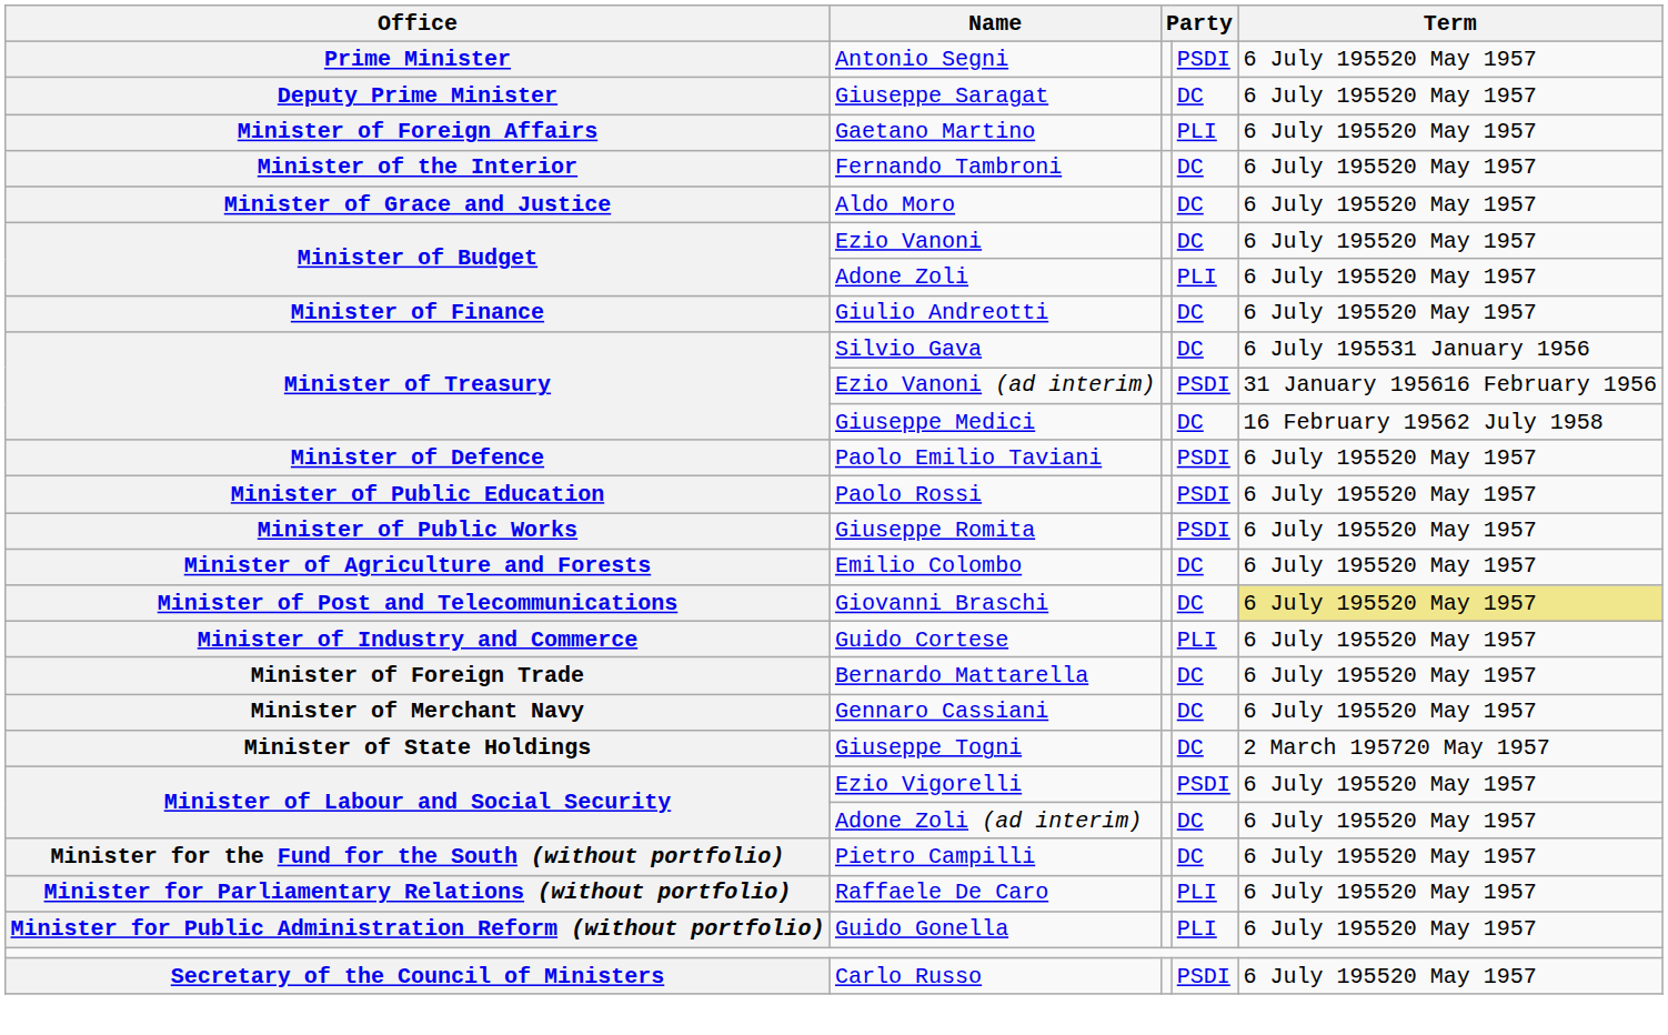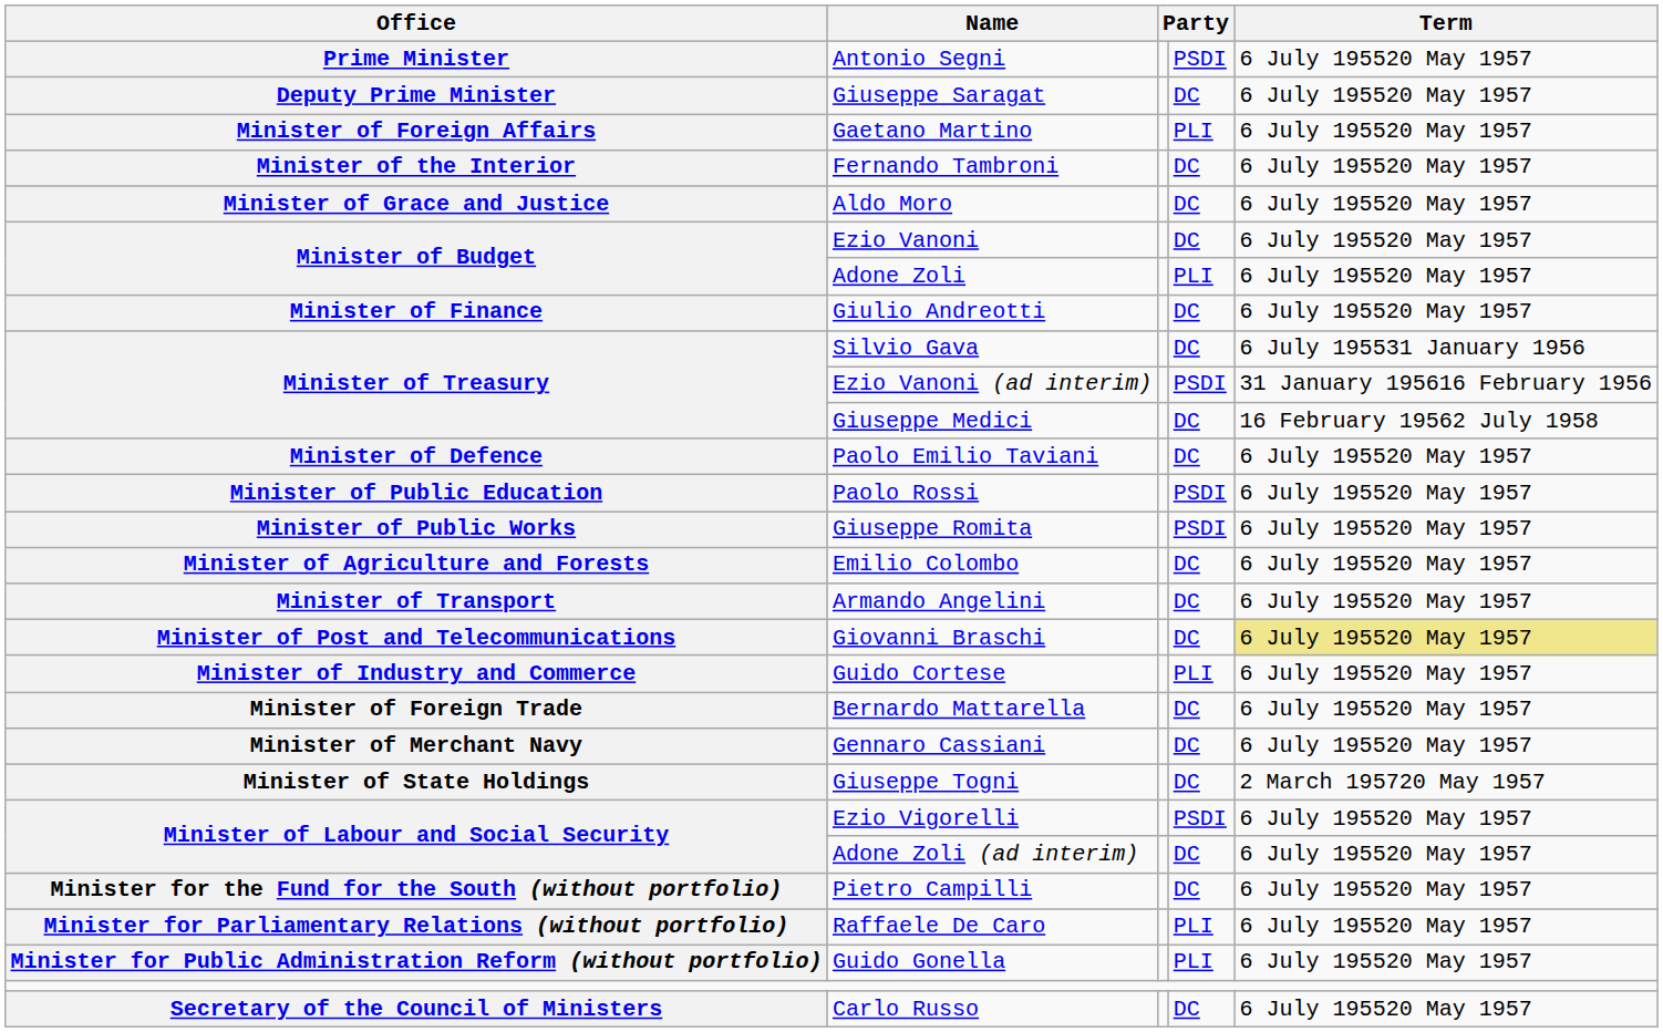 <table class="wikitable">
 <tr>
 <th>Office</th>
 <th>Name</th>
 <th colspan=2>Party</th>
 <th>Term</th>
 </tr>
 <tr>
 <th><a href='#'>Prime Minister</a></th>
 <td><a href='#'>Antonio Segni</a></td>
 <td></td>
 <td><a href='#'>PSDI</a></td>
 <td>6 July 195520 May 1957</td>
 </tr>
 <tr>
 <th><a href='#'>Deputy Prime Minister</a></th>
 <td><a href='#'>Giuseppe Saragat</a></td>
 <td></td>
 <td><a href='#'>DC</a></td>
 <td>6 July 195520 May 1957</td>
 </tr>
 <tr>
 <th><a href='#'>Minister of Foreign Affairs</a></th>
 <td><a href='#'>Gaetano Martino</a></td>
 <td style="color:inherit;background:"></td>
 <td><a href='#'>PLI</a></td>
 <td>6 July 195520 May 1957</td>
 </tr>
 <tr>
 <th><a href='#'>Minister of the Interior</a></th>
 <td><a href='#'>Fernando Tambroni</a></td>
 <td style="color:inherit;background:"></td>
 <td><a href='#'>DC</a></td>
 <td>6 July 195520 May 1957</td>
 </tr>
 <tr>
 <th><a href='#'>Minister of Grace and Justice</a></th>
 <td><a href='#'>Aldo Moro</a></td>
 <td style="color:inherit;background:"></td>
 <td><a href='#'>DC</a></td>
 <td>6 July 195520 May 1957</td>
 </tr>
 <tr>
 <th rowspan=2><a href='#'>Minister of Budget</a></th>
 <td><a href='#'>Ezio Vanoni</a></td>
 <td></td>
 <td><a href='#'>DC</a></td>
 <td>6 July 195520 May 1957</td>
 </tr>
 <tr>
 <td><a href='#'>Adone Zoli</a></td>
 <td></td>
 <td><a href='#'>PLI</a></td>
 <td>6 July 195520 May 1957</td>
 </tr>
 <tr>
 <th><a href='#'>Minister of Finance</a></th>
 <td><a href='#'>Giulio Andreotti</a></td>
 <td style="color:inherit;background:"></td>
 <td><a href='#'>DC</a></td>
 <td>6 July 195520 May 1957</td>
 </tr>
 <tr>
 <th rowspan=3><a href='#'>Minister of Treasury</a></th>
 <td><a href='#'>Silvio Gava</a></td>
 <td></td>
 <td><a href='#'>DC</a></td>
 <td>6 July 195531 January 1956</td>
 </tr>
 <tr>
 <td><a href='#'>Ezio Vanoni</a> <em>(ad interim)</em></td>
 <td style="color:inherit;background:"></td>
 <td><a href='#'>PSDI</a></td>
 <td>31 January 195616 February 1956</td>
 </tr>
 <tr>
 <td><a href='#'>Giuseppe Medici</a></td>
 <td style="color:inherit;background:"></td>
 <td><a href='#'>DC</a></td>
 <td>16 February 19562 July 1958</td>
 </tr>
 <tr>
 <th><a href='#'>Minister of Defence</a></th>
 <td><a href='#'>Paolo Emilio Taviani</a></td>
 <td style="color:inherit;background:"></td>
-<td><a href='#'>PSDI</a></td>
+<td><a href='#'>DC</a></td>
 <td>6 July 195520 May 1957</td>
 </tr>
 <tr>
 <th><a href='#'>Minister of Public Education</a></th>
 <td><a href='#'>Paolo Rossi</a></td>
 <td style="color:inherit;background:"></td>
 <td><a href='#'>PSDI</a></td>
 <td>6 July 195520 May 1957</td>
 </tr>
 <tr>
 <th><a href='#'>Minister of Public Works</a></th>
 <td><a href='#'>Giuseppe Romita</a></td>
 <td style="color:inherit;background:"></td>
 <td><a href='#'>PSDI</a></td>
 <td>6 July 195520 May 1957</td>
 </tr>
 <tr>
 <th><a href='#'>Minister of Agriculture and Forests</a></th>
 <td><a href='#'>Emilio Colombo</a></td>
+<td style="color:inherit;background:"></td>
+<td><a href='#'>DC</a></td>
+<td>6 July 195520 May 1957</td>
+</tr>
+<tr>
+<th><a href='#'>Minister of Transport</a></th>
+<td><a href='#'>Armando Angelini</a></td>
 <td style="color:inherit;background:"></td>
 <td><a href='#'>DC</a></td>
 <td>6 July 195520 May 1957</td>
 </tr>
 <tr>
 <th><a href='#'>Minister of Post and Telecommunications</a></th>
 <td><a href='#'>Giovanni Braschi</a></td>
 <td style="color:inherit;background:"></td>
 <td><a href='#'>DC</a></td>
 <td style="background: khaki;">6 July 195520 May 1957</td>
 </tr>
 <tr>
 <th><a href='#'>Minister of Industry and Commerce</a></th>
 <td><a href='#'>Guido Cortese</a></td>
 <td style="color:inherit;background:"></td>
 <td><a href='#'>PLI</a></td>
 <td>6 July 195520 May 1957</td>
 </tr>
 <tr>
 <th>Minister of Foreign Trade</th>
 <td><a href='#'>Bernardo Mattarella</a></td>
 <td></td>
 <td><a href='#'>DC</a></td>
 <td>6 July 195520 May 1957</td>
 </tr>
 <tr>
 <th>Minister of Merchant Navy</th>
 <td><a href='#'>Gennaro Cassiani</a></td>
 <td></td>
 <td><a href='#'>DC</a></td>
 <td>6 July 195520 May 1957</td>
 </tr>
 <tr>
 <th>Minister of State Holdings</th>
 <td><a href='#'>Giuseppe Togni</a></td>
 <td style="color:inherit;background:"></td>
 <td><a href='#'>DC</a></td>
 <td>2 March 195720 May 1957</td>
 </tr>
 <tr>
 <th rowspan=2><a href='#'>Minister of Labour and Social Security</a></th>
 <td><a href='#'>Ezio Vigorelli</a></td>
 <td style="color:inherit;background:"></td>
 <td><a href='#'>PSDI</a></td>
 <td>6 July 195520 May 1957</td>
 </tr>
 <tr>
 <td><a href='#'>Adone Zoli</a> <em>(ad interim)</em></td>
 <td style="color:inherit;background:"></td>
 <td><a href='#'>DC</a></td>
 <td>6 July 195520 May 1957</td>
 </tr>
 <tr>
 <th>Minister for the <a href='#'>Fund for the South</a> <em>(without portfolio)</em></th>
 <td><a href='#'>Pietro Campilli</a></td>
 <td style="color:inherit;background:"></td>
 <td><a href='#'>DC</a></td>
 <td>6 July 195520 May 1957</td>
 </tr>
 <tr>
 <th><a href='#'>Minister for Parliamentary Relations</a> <em>(without portfolio)</em></th>
 <td><a href='#'>Raffaele De Caro</a></td>
 <td style="color:inherit;background:"></td>
 <td><a href='#'>PLI</a></td>
 <td>6 July 195520 May 1957</td>
 </tr>
 <tr>
 <th><a href='#'>Minister for Public Administration Reform</a> <em>(without portfolio)</em></th>
 <td><a href='#'>Guido Gonella</a></td>
 <td style="color:inherit;background:"></td>
 <td><a href='#'>PLI</a></td>
 <td>6 July 195520 May 1957</td>
 </tr>
 <tr>
 <td colspan="5"></td>
 </tr>
 <tr>
 <th><a href='#'>Secretary of the Council of Ministers</a></th>
 <td><a href='#'>Carlo Russo</a></td>
 <td style="color:inherit;background:"></td>
-<td><a href='#'>PSDI</a></td>
+<td><a href='#'>DC</a></td>
 <td>6 July 195520 May 1957</td>
 </tr>
 </table>
